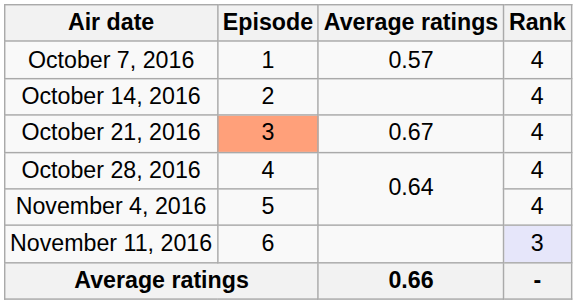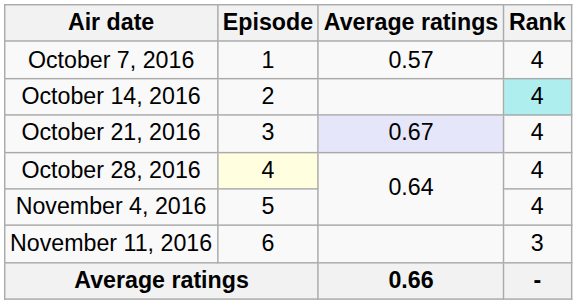 <table class="wikitable" style="text-align:center;">
 <tr>
 <th>Air date</th>
 <th>Episode</th>
 <th>Average ratings</th>
 <th>Rank</th>
 </tr>
 <tr>
 <td>October 7, 2016</td>
 <td>1</td>
 <td>0.57</td>
 <td>4</td>
 </tr>
 <tr>
 <td>October 14, 2016</td>
 <td>2</td>
 <td><strong></strong></td>
-<td>4</td>
+<td style="background: paleturquoise;">4</td>
 </tr>
 <tr>
 <td>October 21, 2016</td>
-<td style="background: lightsalmon;">3</td>
-<td>0.67</td>
+<td>3</td>
+<td style="background: lavender;">0.67</td>
 <td>4</td>
 </tr>
 <tr>
 <td>October 28, 2016</td>
-<td>4</td>
+<td style="background: lightyellow;">4</td>
 <td rowspan=2>0.64</td>
 <td>4</td>
 </tr>
 <tr>
 <td>November 4, 2016</td>
 <td>5</td>
 <td>4</td>
 </tr>
 <tr>
 <td>November 11, 2016</td>
 <td>6</td>
 <td><strong></strong></td>
-<td style="background: lavender;">3</td>
+<td>3</td>
 </tr>
 <tr>
 <th colspan="2"><strong>Average ratings</strong></th>
 <th><strong>0.66</strong></th>
 <th><strong>-</strong></th>
 </tr>
 </table>
